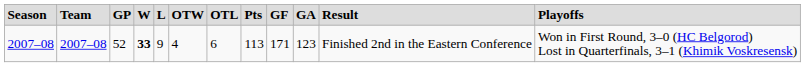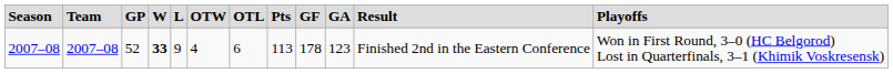 <table class="wikitable">
 <tr style="font-weight:bold; background-color:#dddddd;" |>
 <td><strong>Season</strong></td>
 <td><strong>Team</strong></td>
 <td><strong>GP</strong></td>
 <td><strong>W</strong></td>
 <td><strong>L</strong></td>
 <td><strong>OTW</strong></td>
 <td><strong>OTL</strong></td>
 <td><strong>Pts</strong></td>
 <td><strong>GF</strong></td>
 <td><strong>GA</strong></td>
 <td><strong>Result</strong></td>
 <td><strong>Playoffs</strong></td>
 </tr>
 <tr>
 <td><a href='#'>2007–08</a></td>
 <td><a href='#'>2007–08</a></td>
 <td>52</td>
 <td><strong>33</strong></td>
 <td>9</td>
 <td>4</td>
 <td>6</td>
 <td>113</td>
-<td>171</td>
+<td>178</td>
 <td>123</td>
 <td>Finished 2nd in the Eastern Conference</td>
 <td>Won in First Round, 3–0 (<a href='#'>HC Belgorod</a>)<br>Lost in Quarterfinals, 3–1 (<a href='#'>Khimik Voskresensk</a>)</td>
 </tr>
 </table>
